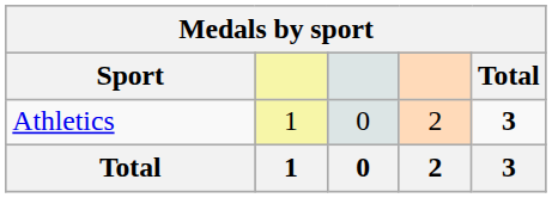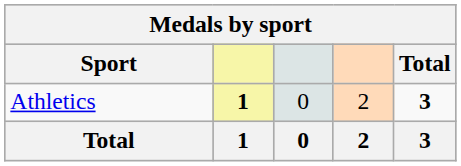 <table class="wikitable" style="font-size:90%; text-align:center;">
 <tr>
 <th colspan=5>Medals by sport</th>
 </tr>
 <tr>
 <th width=120>Sport</th>
 <th scope="col" width=30 style="background:#F7F6A8;"></th>
 <th scope="col" width=30 style="background:#DCE5E5;"></th>
 <th scope="col" width=30 style="background:#FFDAB9;"></th>
 <th width=30>Total</th>
 </tr>
 <tr>
 <td align=left><a href='#'>Athletics</a></td>
-<td style="background:#F7F6A8;">1</td>
+<td style="background:#F7F6A8;"><strong>1</strong></td>
 <td style="background:#DCE5E5;">0</td>
 <td style="background:#FFDAB9;">2</td>
 <td><strong>3</strong></td>
 </tr>
 <tr class="sortbottom">
 <th>Total</th>
 <th>1</th>
 <th>0</th>
 <th>2</th>
 <th>3</th>
 </tr>
 </table>
